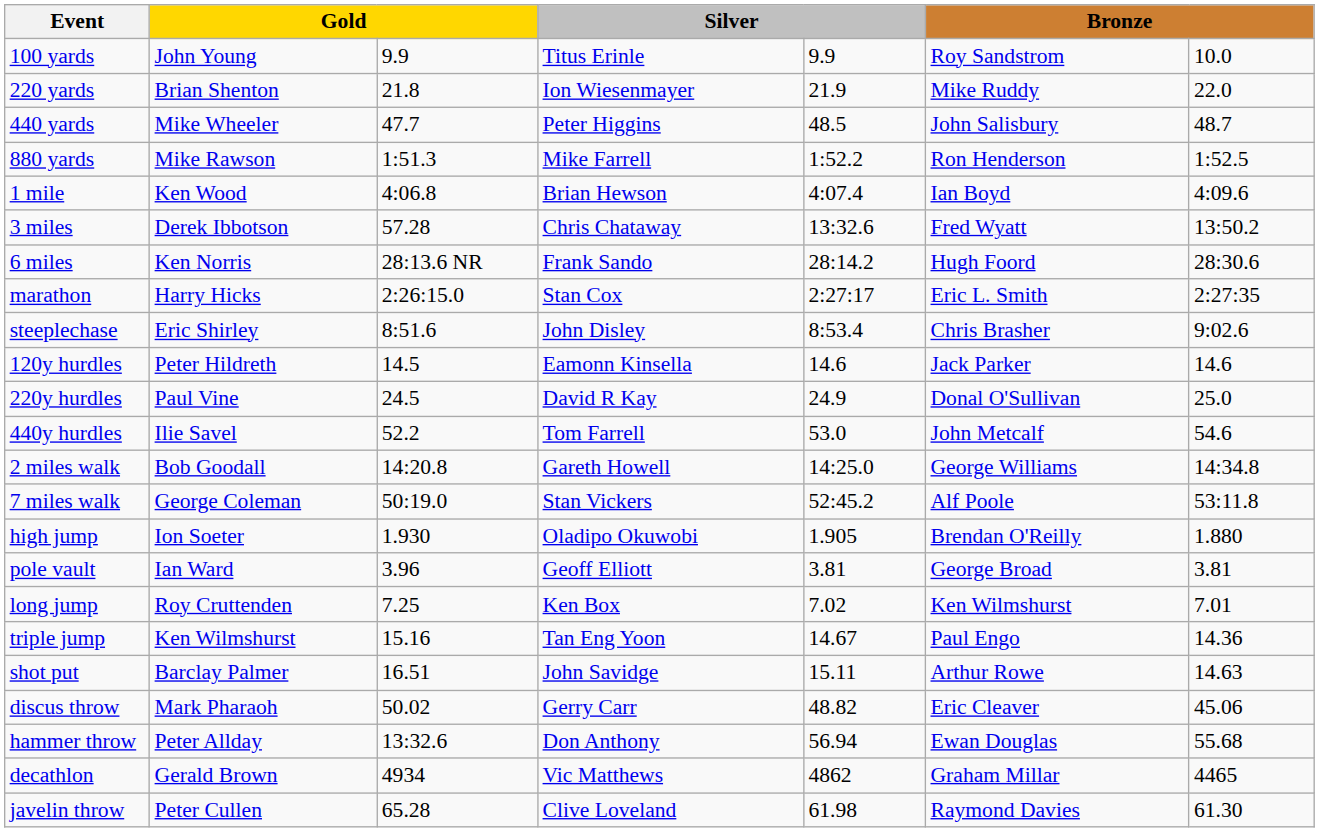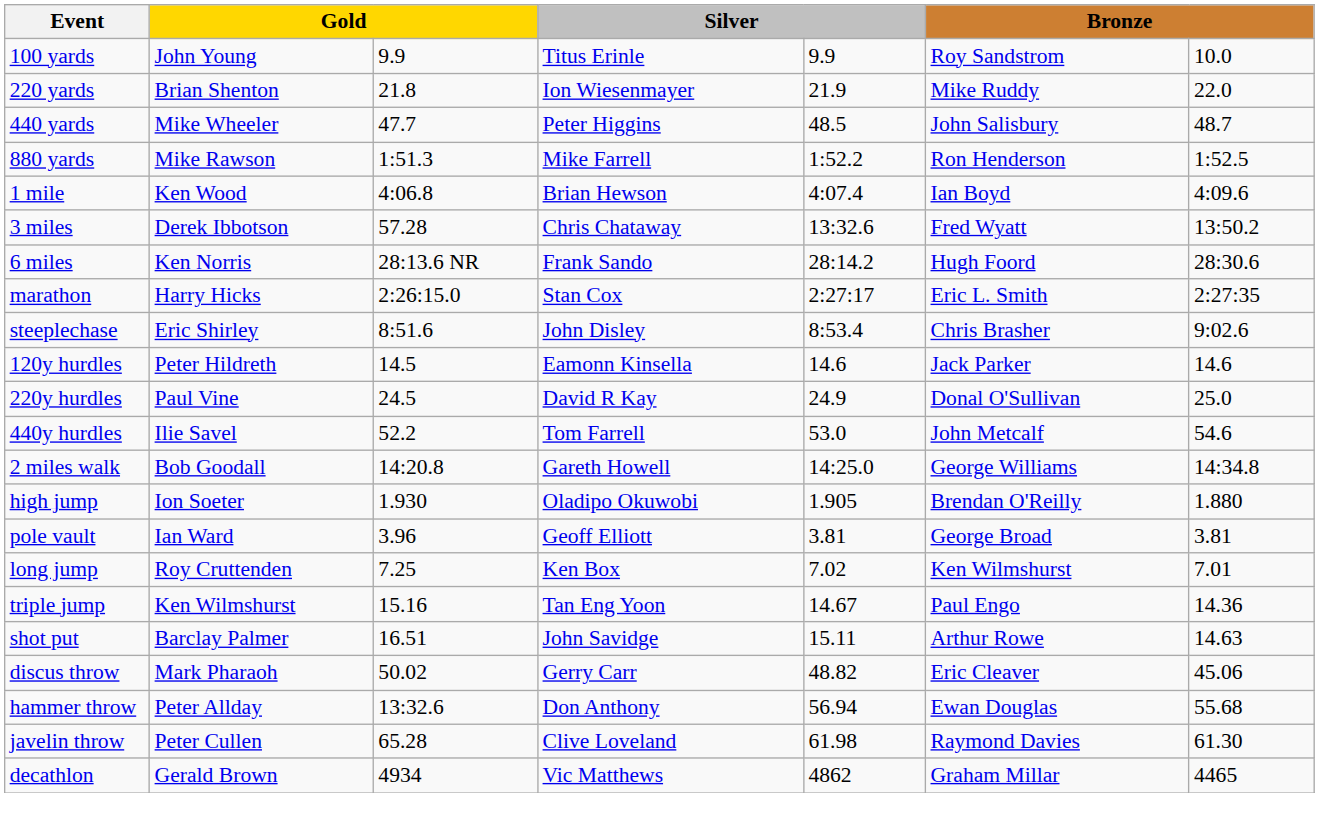 <table class="wikitable" style="text-align:left">
 <tr>
 <th width=100>Event</th>
 <th colspan="2" width="280" style="background:gold;">Gold</th>
 <th colspan="2" width="280" style="background:silver;">Silver</th>
 <th colspan="2" width="280" style="background:#CD7F32;">Bronze</th>
 </tr>
 <tr>
 <td><a href='#'>100 yards</a></td>
 <td><a href='#'>John Young</a></td>
 <td>9.9</td>
 <td> <a href='#'>Titus Erinle</a></td>
 <td>9.9</td>
 <td><a href='#'>Roy Sandstrom</a></td>
 <td>10.0</td>
 </tr>
 <tr>
 <td><a href='#'>220 yards</a></td>
 <td><a href='#'>Brian Shenton</a></td>
 <td>21.8</td>
 <td> <a href='#'>Ion Wiesenmayer</a></td>
 <td>21.9</td>
 <td><a href='#'>Mike Ruddy</a></td>
 <td>22.0</td>
 </tr>
 <tr>
 <td><a href='#'>440 yards</a></td>
 <td><a href='#'>Mike Wheeler</a></td>
 <td>47.7</td>
 <td><a href='#'>Peter Higgins</a></td>
 <td>48.5</td>
 <td><a href='#'>John Salisbury</a></td>
 <td>48.7</td>
 </tr>
 <tr>
 <td><a href='#'>880 yards</a></td>
 <td><a href='#'>Mike Rawson</a></td>
 <td>1:51.3</td>
 <td><a href='#'>Mike Farrell</a></td>
 <td>1:52.2</td>
 <td><a href='#'>Ron Henderson</a></td>
 <td>1:52.5</td>
 </tr>
 <tr>
 <td><a href='#'>1 mile</a></td>
 <td><a href='#'>Ken Wood</a></td>
 <td>4:06.8</td>
 <td><a href='#'>Brian Hewson</a></td>
 <td>4:07.4</td>
 <td><a href='#'>Ian Boyd</a></td>
 <td>4:09.6</td>
 </tr>
 <tr>
 <td><a href='#'>3 miles</a></td>
 <td><a href='#'>Derek Ibbotson</a></td>
 <td>57.28</td>
 <td><a href='#'>Chris Chataway</a></td>
 <td>13:32.6</td>
 <td><a href='#'>Fred Wyatt</a></td>
 <td>13:50.2</td>
 </tr>
 <tr>
 <td><a href='#'>6 miles</a></td>
 <td><a href='#'>Ken Norris</a></td>
 <td>28:13.6 NR</td>
 <td><a href='#'>Frank Sando</a></td>
 <td>28:14.2</td>
 <td><a href='#'>Hugh Foord</a></td>
 <td>28:30.6</td>
 </tr>
 <tr>
 <td><a href='#'>marathon</a></td>
 <td><a href='#'>Harry Hicks</a></td>
 <td>2:26:15.0</td>
 <td><a href='#'>Stan Cox</a></td>
 <td>2:27:17</td>
 <td><a href='#'>Eric L. Smith</a></td>
 <td>2:27:35</td>
 </tr>
 <tr>
 <td><a href='#'>steeplechase</a></td>
 <td><a href='#'>Eric Shirley</a></td>
 <td>8:51.6</td>
 <td> <a href='#'>John Disley</a></td>
 <td>8:53.4</td>
 <td><a href='#'>Chris Brasher</a></td>
 <td>9:02.6</td>
 </tr>
 <tr>
 <td><a href='#'>120y hurdles</a></td>
 <td><a href='#'>Peter Hildreth</a></td>
 <td>14.5</td>
 <td> <a href='#'>Eamonn Kinsella</a></td>
 <td>14.6</td>
 <td><a href='#'>Jack Parker</a></td>
 <td>14.6</td>
 </tr>
 <tr>
 <td><a href='#'>220y hurdles</a></td>
 <td><a href='#'>Paul Vine</a></td>
 <td>24.5</td>
 <td><a href='#'>David R Kay</a></td>
 <td>24.9</td>
 <td><a href='#'>Donal O'Sullivan</a></td>
 <td>25.0</td>
 </tr>
 <tr>
 <td><a href='#'>440y hurdles</a></td>
 <td> <a href='#'>Ilie Savel</a></td>
 <td>52.2</td>
 <td><a href='#'>Tom Farrell</a></td>
 <td>53.0</td>
 <td><a href='#'>John Metcalf</a></td>
 <td>54.6</td>
 </tr>
 <tr>
 <td><a href='#'>2 miles walk</a></td>
 <td><a href='#'>Bob Goodall</a></td>
 <td>14:20.8</td>
 <td><a href='#'>Gareth Howell</a></td>
 <td>14:25.0</td>
 <td><a href='#'>George Williams</a></td>
 <td>14:34.8</td>
 </tr>
 <tr>
-<td><a href='#'>7 miles walk</a></td>
-<td><a href='#'>George Coleman</a></td>
-<td>50:19.0</td>
-<td><a href='#'>Stan Vickers</a></td>
-<td>52:45.2</td>
-<td><a href='#'>Alf Poole</a></td>
-<td>53:11.8</td>
-</tr>
-<tr>
 <td><a href='#'>high jump</a></td>
 <td> <a href='#'>Ion Soeter</a></td>
 <td>1.930</td>
 <td> <a href='#'>Oladipo Okuwobi</a></td>
 <td>1.905</td>
 <td> <a href='#'>Brendan O'Reilly</a></td>
 <td>1.880</td>
 </tr>
 <tr>
 <td><a href='#'>pole vault</a></td>
 <td><a href='#'>Ian Ward</a></td>
 <td>3.96</td>
 <td><a href='#'>Geoff Elliott</a></td>
 <td>3.81</td>
 <td><a href='#'>George Broad</a></td>
 <td>3.81</td>
 </tr>
 <tr>
 <td><a href='#'>long jump</a></td>
 <td><a href='#'>Roy Cruttenden</a></td>
 <td>7.25</td>
 <td><a href='#'>Ken Box</a></td>
 <td>7.02</td>
 <td><a href='#'>Ken Wilmshurst</a></td>
 <td>7.01</td>
 </tr>
 <tr>
 <td><a href='#'>triple jump</a></td>
 <td><a href='#'>Ken Wilmshurst</a></td>
 <td>15.16</td>
 <td> <a href='#'>Tan Eng Yoon</a></td>
 <td>14.67</td>
 <td> <a href='#'>Paul Engo</a></td>
 <td>14.36</td>
 </tr>
 <tr>
 <td><a href='#'>shot put</a></td>
 <td><a href='#'>Barclay Palmer</a></td>
 <td>16.51</td>
 <td><a href='#'>John Savidge</a></td>
 <td>15.11</td>
 <td><a href='#'>Arthur Rowe</a></td>
 <td>14.63</td>
 </tr>
 <tr>
 <td><a href='#'>discus throw</a></td>
 <td><a href='#'>Mark Pharaoh</a></td>
 <td>50.02</td>
 <td><a href='#'>Gerry Carr</a></td>
 <td>48.82</td>
 <td><a href='#'>Eric Cleaver</a></td>
 <td>45.06</td>
 </tr>
 <tr>
 <td><a href='#'>hammer throw</a></td>
 <td><a href='#'>Peter Allday</a></td>
 <td>13:32.6</td>
 <td><a href='#'>Don Anthony</a></td>
 <td>56.94</td>
 <td> <a href='#'>Ewan Douglas</a></td>
 <td>55.68</td>
 </tr>
 <tr>
+<td><a href='#'>javelin throw</a></td>
+<td><a href='#'>Peter Cullen</a></td>
+<td>65.28</td>
+<td><a href='#'>Clive Loveland</a></td>
+<td>61.98</td>
+<td><a href='#'>Raymond Davies</a></td>
+<td>61.30</td>
+</tr>
+<tr>
 <td><a href='#'>decathlon</a></td>
 <td> <a href='#'>Gerald Brown</a></td>
 <td>4934</td>
 <td><a href='#'>Vic Matthews</a></td>
 <td>4862</td>
 <td><a href='#'>Graham Millar</a></td>
 <td>4465</td>
 </tr>
-<tr>
-<td><a href='#'>javelin throw</a></td>
-<td><a href='#'>Peter Cullen</a></td>
-<td>65.28</td>
-<td><a href='#'>Clive Loveland</a></td>
-<td>61.98</td>
-<td><a href='#'>Raymond Davies</a></td>
-<td>61.30</td>
-</tr>
 </table>
